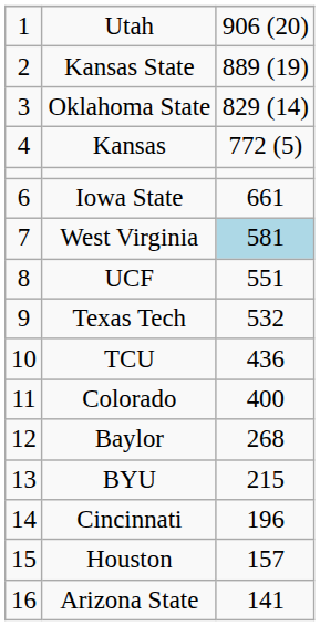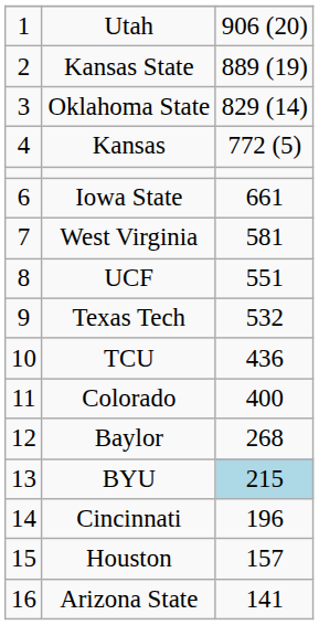 <table class="wikitable" style="display: inline-table;">
 <tr align="center">
 </tr>
 <tr align="center">
 <td>1</td>
 <td>Utah</td>
 <td>906 (20)</td>
 </tr>
 <tr align="center">
 <td>2</td>
 <td>Kansas State</td>
 <td>889 (19)</td>
 </tr>
 <tr align="center">
 <td>3</td>
 <td>Oklahoma State</td>
 <td>829 (14)</td>
 </tr>
 <tr align="center">
 <td>4</td>
 <td>Kansas</td>
 <td>772 (5)</td>
 </tr>
 <tr align="center">
 <td style=><strong></strong></td>
 <td style=><strong></strong></td>
 <td style=><strong></strong></td>
 </tr>
 <tr align="center">
 <td>6</td>
 <td>Iowa State</td>
 <td>661</td>
 </tr>
 <tr align="center">
 <td>7</td>
 <td>West Virginia</td>
-<td style="background: lightblue;">581</td>
+<td>581</td>
 </tr>
 <tr align="center">
 <td>8</td>
 <td>UCF</td>
 <td>551</td>
 </tr>
 <tr align="center">
 <td>9</td>
 <td>Texas Tech</td>
 <td>532</td>
 </tr>
 <tr align="center">
 <td>10</td>
 <td>TCU</td>
 <td>436</td>
 </tr>
 <tr align="center">
 <td>11</td>
 <td>Colorado</td>
 <td>400</td>
 </tr>
 <tr align="center">
 <td>12</td>
 <td>Baylor</td>
 <td>268</td>
 </tr>
 <tr align="center">
 <td>13</td>
 <td>BYU</td>
-<td>215</td>
+<td style="background: lightblue;">215</td>
 </tr>
 <tr align="center">
 <td>14</td>
 <td>Cincinnati</td>
 <td>196</td>
 </tr>
 <tr align="center">
 <td>15</td>
 <td>Houston</td>
 <td>157</td>
 </tr>
 <tr align="center">
 <td>16</td>
 <td>Arizona State</td>
 <td>141</td>
 </tr>
 </table>
